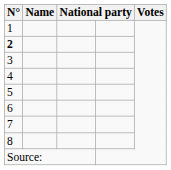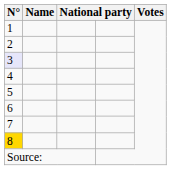 <table class="wikitable sortable" style="font-size:95%;line-height:14px;">
 <tr>
 <th>N°</th>
 <th>Name</th>
 <th colspan="2">National party</th>
 <th>Votes</th>
 </tr>
 <tr>
 <td>1</td>
 <td><em></em></td>
 <td></td>
 <td></td>
 </tr>
 <tr>
-<td><strong>2</strong></td>
+<td>2</td>
 <td></td>
 <td></td>
 <td></td>
 </tr>
 <tr>
-<td>3</td>
+<td style="background: lavender;">3</td>
 <td></td>
 <td></td>
 <td></td>
 </tr>
 <tr>
 <td>4</td>
 <td></td>
 <td></td>
 <td></td>
 </tr>
 <tr>
 <td>5</td>
 <td></td>
 <td></td>
 <td></td>
 </tr>
 <tr>
 <td>6</td>
 <td></td>
 <td></td>
 <td></td>
 </tr>
 <tr>
 <td>7</td>
 <td></td>
 <td></td>
 <td></td>
 </tr>
 <tr>
-<td>8</td>
+<td style="background: gold;">8</td>
 <td></td>
 <td></td>
 <td></td>
 </tr>
 <tr>
 <td colspan="3">Source: </td>
 </tr>
 </table>
